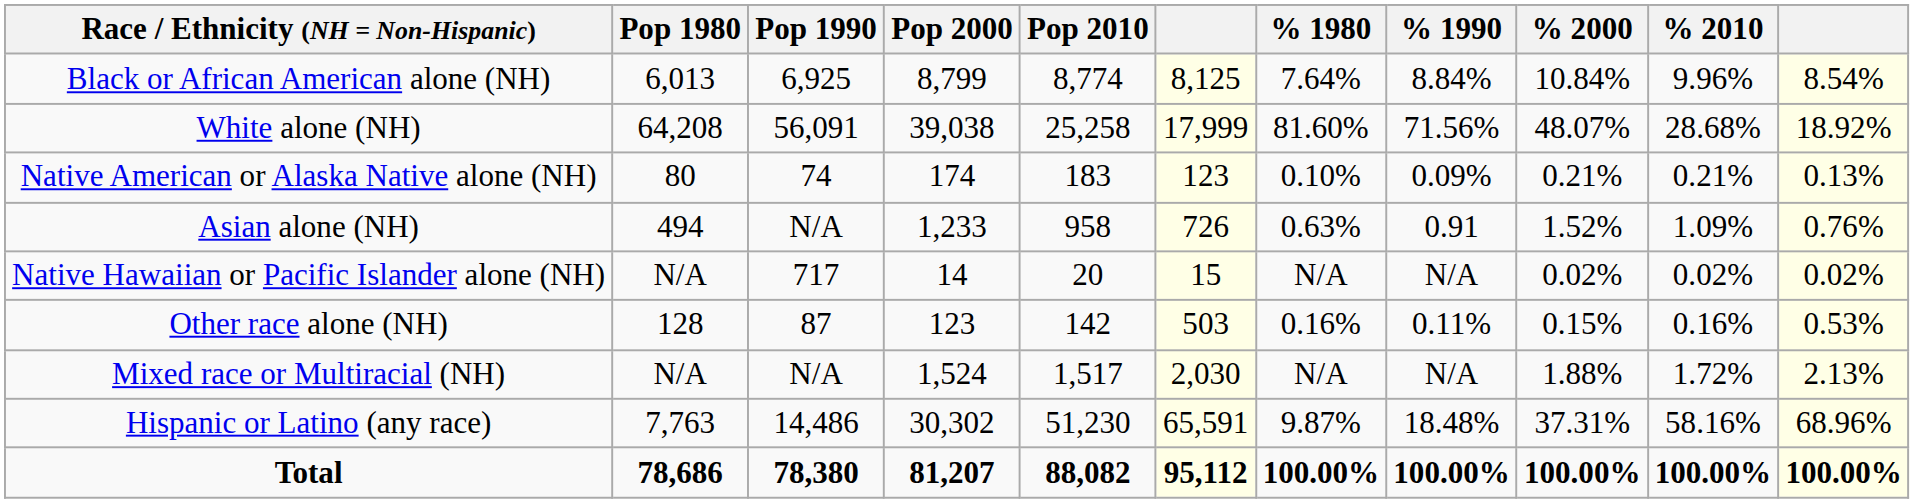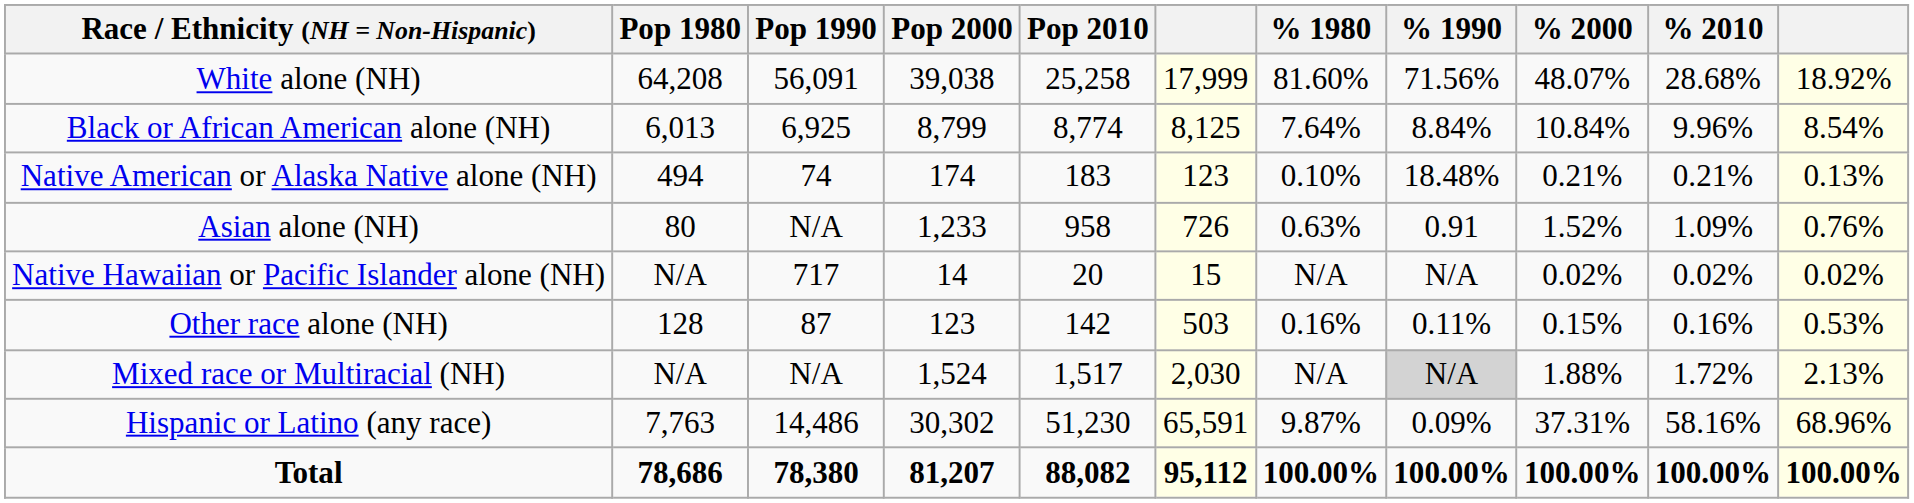 <table class="wikitable" style="text-align:center;">
 <tr>
 <th>Race / Ethnicity <small>(<em>NH = Non-Hispanic</em>)</small></th>
 <th>Pop 1980</th>
 <th>Pop 1990</th>
 <th>Pop 2000</th>
 <th>Pop 2010</th>
 <th></th>
 <th>% 1980</th>
 <th>% 1990</th>
 <th>% 2000</th>
 <th>% 2010</th>
 <th></th>
 </tr>
 <tr>
+<td><a href='#'>White</a> alone (NH)</td>
+<td>64,208</td>
+<td>56,091</td>
+<td>39,038</td>
+<td>25,258</td>
+<td style='background: #ffffe6;'>17,999</td>
+<td>81.60%</td>
+<td>71.56%</td>
+<td>48.07%</td>
+<td>28.68%</td>
+<td style='background: #ffffe6;'>18.92%</td>
+</tr>
+<tr>
 <td><a href='#'>Black or African American</a> alone (NH)</td>
 <td>6,013</td>
 <td>6,925</td>
 <td>8,799</td>
 <td>8,774</td>
 <td style='background: #ffffe6;'>8,125</td>
 <td>7.64%</td>
 <td>8.84%</td>
 <td>10.84%</td>
 <td>9.96%</td>
 <td style='background: #ffffe6;'>8.54%</td>
 </tr>
 <tr>
-<td><a href='#'>White</a> alone (NH)</td>
-<td>64,208</td>
-<td>56,091</td>
-<td>39,038</td>
-<td>25,258</td>
-<td style='background: #ffffe6;'>17,999</td>
-<td>81.60%</td>
-<td>71.56%</td>
-<td>48.07%</td>
-<td>28.68%</td>
-<td style='background: #ffffe6;'>18.92%</td>
-</tr>
-<tr>
 <td><a href='#'>Native American</a> or <a href='#'>Alaska Native</a> alone (NH)</td>
-<td>80</td>
+<td>494</td>
 <td>74</td>
 <td>174</td>
 <td>183</td>
 <td style='background: #ffffe6;'>123</td>
 <td>0.10%</td>
-<td>0.09%</td>
+<td>18.48%</td>
 <td>0.21%</td>
 <td>0.21%</td>
 <td style='background: #ffffe6;'>0.13%</td>
 </tr>
 <tr>
 <td><a href='#'>Asian</a> alone (NH)</td>
-<td>494</td>
+<td>80</td>
 <td>N/A</td>
 <td>1,233</td>
 <td>958</td>
 <td style='background: #ffffe6;'>726</td>
 <td>0.63%</td>
 <td>0.91</td>
 <td>1.52%</td>
 <td>1.09%</td>
 <td style='background: #ffffe6;'>0.76%</td>
 </tr>
 <tr>
 <td><a href='#'>Native Hawaiian</a> or <a href='#'>Pacific Islander</a> alone (NH)</td>
 <td>N/A</td>
 <td>717</td>
 <td>14</td>
 <td>20</td>
 <td style='background: #ffffe6;'>15</td>
 <td>N/A</td>
 <td>N/A</td>
 <td>0.02%</td>
 <td>0.02%</td>
 <td style='background: #ffffe6;'>0.02%</td>
 </tr>
 <tr>
 <td><a href='#'>Other race</a> alone (NH)</td>
 <td>128</td>
 <td>87</td>
 <td>123</td>
 <td>142</td>
 <td style='background: #ffffe6;'>503</td>
 <td>0.16%</td>
 <td>0.11%</td>
 <td>0.15%</td>
 <td>0.16%</td>
 <td style='background: #ffffe6;'>0.53%</td>
 </tr>
 <tr>
 <td><a href='#'>Mixed race or Multiracial</a> (NH)</td>
 <td>N/A</td>
 <td>N/A</td>
 <td>1,524</td>
 <td>1,517</td>
 <td style='background: #ffffe6;'>2,030</td>
 <td>N/A</td>
-<td>N/A</td>
+<td style="background: lightgrey;">N/A</td>
 <td>1.88%</td>
 <td>1.72%</td>
 <td style='background: #ffffe6;'>2.13%</td>
 </tr>
 <tr>
 <td><a href='#'>Hispanic or Latino</a> (any race)</td>
 <td>7,763</td>
 <td>14,486</td>
 <td>30,302</td>
 <td>51,230</td>
 <td style='background: #ffffe6;'>65,591</td>
 <td>9.87%</td>
-<td>18.48%</td>
+<td>0.09%</td>
 <td>37.31%</td>
 <td>58.16%</td>
 <td style='background: #ffffe6;'>68.96%</td>
 </tr>
 <tr>
 <td><strong>Total</strong></td>
 <td><strong>78,686</strong></td>
 <td><strong>78,380</strong></td>
 <td><strong>81,207</strong></td>
 <td><strong>88,082</strong></td>
 <td style='background: #ffffe6;'><strong>95,112</strong></td>
 <td><strong>100.00%</strong></td>
 <td><strong>100.00%</strong></td>
 <td><strong>100.00%</strong></td>
 <td><strong>100.00%</strong></td>
 <td style='background: #ffffe6;'><strong>100.00%</strong></td>
 </tr>
 </table>
